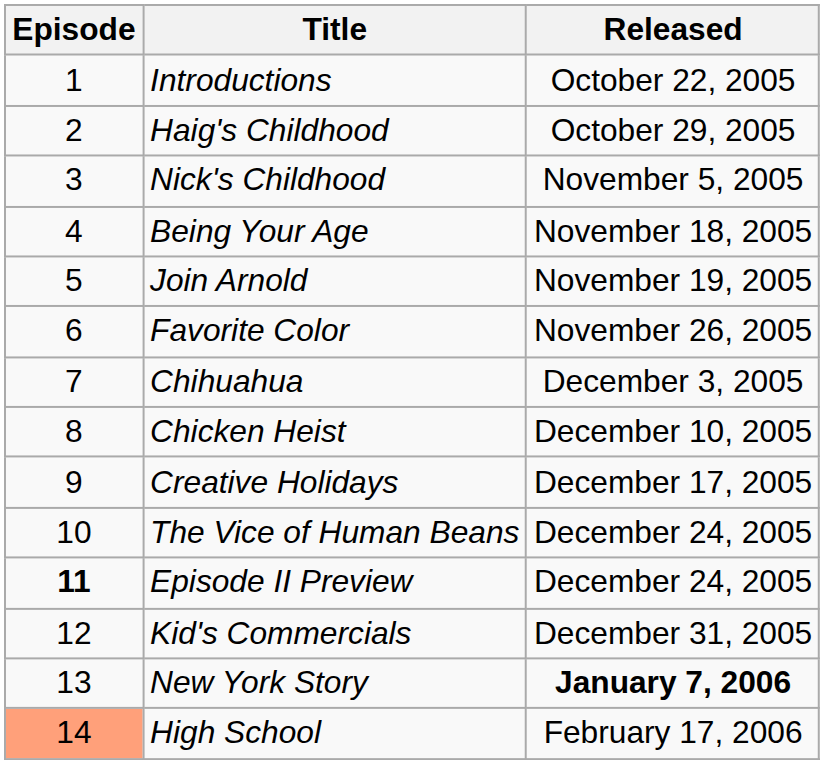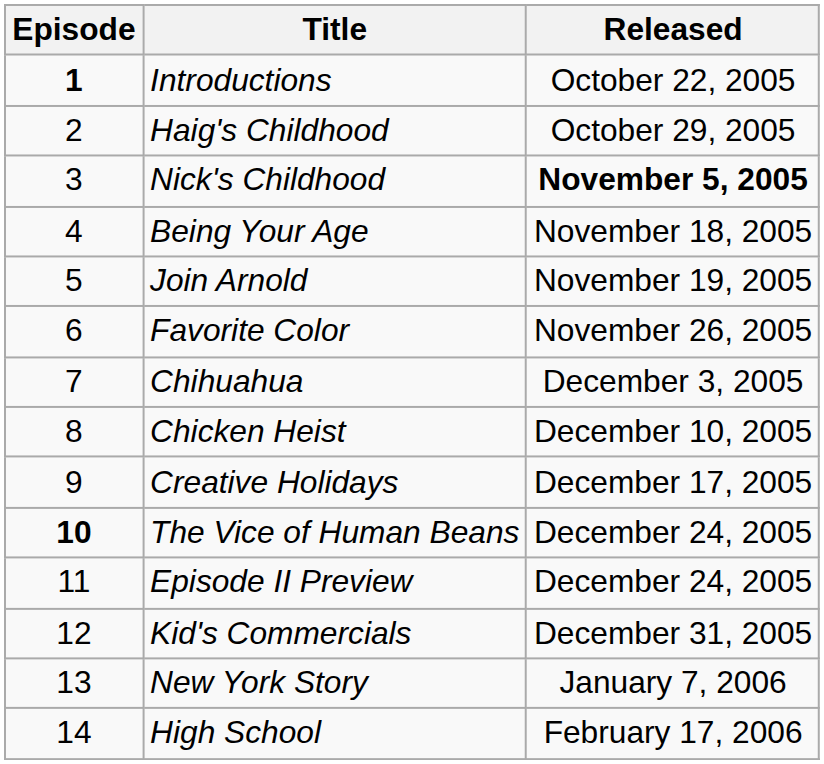 <table class="wikitable">
 <tr>
 <th>Episode</th>
 <th>Title</th>
 <th>Released</th>
 </tr>
 <tr>
-<td align="center">1</td>
+<td align="center"><strong>1</strong></td>
 <td><em>Introductions</em></td>
 <td align="center">October 22, 2005</td>
 </tr>
 <tr>
 <td align="center">2</td>
 <td><em>Haig's Childhood</em></td>
 <td align="center">October 29, 2005</td>
 </tr>
 <tr>
 <td align="center">3</td>
 <td><em>Nick's Childhood</em></td>
-<td align="center">November 5, 2005</td>
+<td align="center"><strong>November 5, 2005</strong></td>
 </tr>
 <tr>
 <td align="center">4</td>
 <td><em>Being Your Age</em></td>
 <td align="center">November 18, 2005</td>
 </tr>
 <tr>
 <td align="center">5</td>
 <td><em>Join Arnold</em></td>
 <td align="center">November 19, 2005</td>
 </tr>
 <tr>
 <td align="center">6</td>
 <td><em>Favorite Color</em></td>
 <td align="center">November 26, 2005</td>
 </tr>
 <tr>
 <td align="center">7</td>
 <td><em>Chihuahua</em></td>
 <td align="center">December 3, 2005</td>
 </tr>
 <tr>
 <td align="center">8</td>
 <td><em>Chicken Heist</em></td>
 <td align="center">December 10, 2005</td>
 </tr>
 <tr>
 <td align="center">9</td>
 <td><em>Creative Holidays</em></td>
 <td align="center">December 17, 2005</td>
 </tr>
 <tr>
-<td align="center">10</td>
+<td align="center"><strong>10</strong></td>
 <td><em>The Vice of Human Beans</em></td>
 <td align="center">December 24, 2005</td>
 </tr>
 <tr>
-<td align="center"><strong>11</strong></td>
+<td align="center">11</td>
 <td><em>Episode II Preview</em></td>
 <td align="center">December 24, 2005</td>
 </tr>
 <tr>
 <td align="center">12</td>
 <td><em>Kid's Commercials</em></td>
 <td align="center">December 31, 2005</td>
 </tr>
 <tr>
 <td align="center">13</td>
 <td><em>New York Story</em></td>
-<td align="center"><strong>January 7, 2006</strong></td>
+<td align="center">January 7, 2006</td>
 </tr>
 <tr>
-<td align="center" style="background: lightsalmon;">14</td>
+<td align="center">14</td>
 <td><em>High School</em></td>
 <td align="center">February 17, 2006</td>
 </tr>
 <tr>
 </tr>
 </table>
